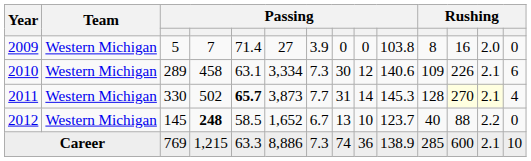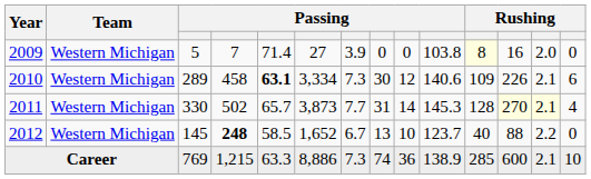 <table class="wikitable sortable" style="text-align:center;">
 <tr>
 <th rowspan=2>Year</th>
 <th rowspan=2>Team</th>
 <th colspan=8>Passing</th>
 <th colspan=4>Rushing</th>
 </tr>
 <tr>
 <th></th>
 <th></th>
 <th></th>
 <th></th>
 <th></th>
 <th></th>
 <th></th>
 <th></th>
 <th></th>
 <th></th>
 <th></th>
 <th></th>
 </tr>
 <tr>
 <td><a href='#'>2009</a></td>
 <td><a href='#'>Western Michigan</a></td>
 <td>5</td>
 <td>7</td>
 <td>71.4</td>
 <td>27</td>
 <td>3.9</td>
 <td>0</td>
 <td>0</td>
 <td>103.8</td>
-<td>8</td>
+<td style="background: lightyellow;">8</td>
 <td>16</td>
 <td>2.0</td>
 <td>0</td>
 </tr>
 <tr>
 <td><a href='#'>2010</a></td>
 <td><a href='#'>Western Michigan</a></td>
 <td>289</td>
 <td>458</td>
-<td>63.1</td>
+<td><strong>63.1</strong></td>
 <td>3,334</td>
 <td>7.3</td>
 <td>30</td>
 <td>12</td>
 <td>140.6</td>
 <td>109</td>
 <td>226</td>
 <td>2.1</td>
 <td>6</td>
 </tr>
 <tr>
 <td><a href='#'>2011</a></td>
 <td><a href='#'>Western Michigan</a></td>
 <td>330</td>
 <td>502</td>
-<td><strong>65.7</strong></td>
+<td>65.7</td>
 <td>3,873</td>
 <td>7.7</td>
 <td>31</td>
 <td>14</td>
 <td>145.3</td>
 <td>128</td>
 <td style="background: lightyellow;">270</td>
 <td style="background: lightyellow;">2.1</td>
 <td>4</td>
 </tr>
 <tr>
 <td><a href='#'>2012</a></td>
 <td><a href='#'>Western Michigan</a></td>
 <td>145</td>
 <td><strong>248</strong></td>
 <td>58.5</td>
 <td>1,652</td>
 <td>6.7</td>
 <td>13</td>
 <td>10</td>
 <td>123.7</td>
 <td>40</td>
 <td>88</td>
 <td>2.2</td>
 <td>0</td>
 </tr>
 <tr class="sortbottom" style="background:#eee;">
 <td colspan=2><strong>Career</strong></td>
 <td>769</td>
 <td>1,215</td>
 <td>63.3</td>
 <td>8,886</td>
 <td>7.3</td>
 <td>74</td>
 <td>36</td>
 <td>138.9</td>
 <td>285</td>
 <td>600</td>
 <td>2.1</td>
 <td>10</td>
 </tr>
 </table>
